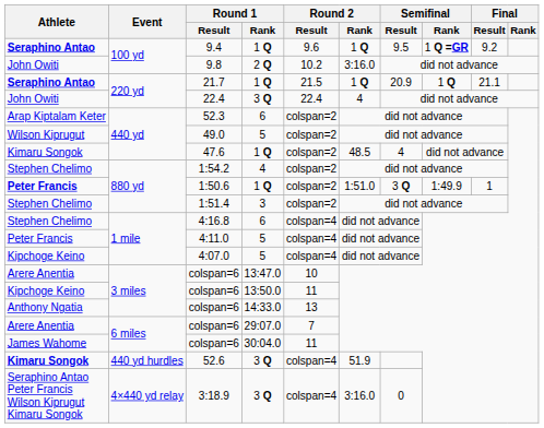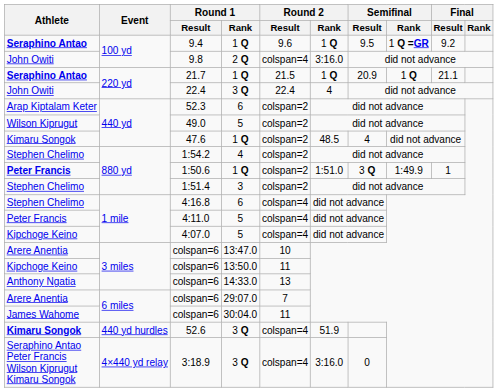 <table class=wikitable style=font-size:90%>
 <tr>
 <th rowspan=2>Athlete</th>
 <th rowspan=2>Event</th>
 <th colspan=2>Round 1</th>
 <th colspan=2>Round 2</th>
 <th colspan=2>Semifinal</th>
 <th colspan=2>Final</th>
 </tr>
 <tr style=font-size:95%>
 <th>Result</th>
 <th>Rank</th>
 <th>Result</th>
 <th>Rank</th>
 <th>Result</th>
 <th>Rank</th>
 <th>Result</th>
 <th>Rank</th>
 </tr>
 <tr align=center>
 <td align=left><strong><a href='#'>Seraphino Antao</a></strong></td>
 <td align=left rowspan=2><a href='#'>100 yd</a></td>
 <td>9.4</td>
 <td>1 <strong>Q</strong></td>
 <td>9.6</td>
 <td>1 <strong>Q</strong></td>
 <td>9.5</td>
 <td>1 <strong>Q</strong> <strong>=<a href='#'>GR</a></strong></td>
 <td>9.2</td>
 <td></td>
 </tr>
 <tr align=center>
 <td align=left><a href='#'>John Owiti</a></td>
 <td>9.8</td>
 <td>2 <strong>Q</strong></td>
-<td>10.2</td>
+<td>colspan=4 </td>
 <td>3:16.0</td>
 <td colspan=4>did not advance</td>
 </tr>
 <tr align=center>
 <td align=left><strong><a href='#'>Seraphino Antao</a></strong></td>
 <td align=left rowspan=2><a href='#'>220 yd</a></td>
 <td>21.7</td>
 <td>1 <strong>Q</strong></td>
 <td>21.5</td>
 <td>1 <strong>Q</strong></td>
 <td>20.9</td>
 <td>1 <strong>Q</strong></td>
 <td>21.1</td>
 <td></td>
 </tr>
 <tr align=center>
 <td align=left><a href='#'>John Owiti</a></td>
 <td>22.4</td>
 <td>3 <strong>Q</strong></td>
 <td>22.4</td>
 <td>4</td>
 <td colspan=4>did not advance</td>
 </tr>
 <tr align=center>
 <td align=left><a href='#'>Arap Kiptalam Keter</a></td>
 <td align=left rowspan=3><a href='#'>440 yd</a></td>
 <td>52.3</td>
 <td>6</td>
 <td>colspan=2 </td>
 <td colspan=4>did not advance</td>
 </tr>
 <tr align=center>
 <td align=left><a href='#'>Wilson Kiprugut</a></td>
 <td>49.0</td>
 <td>5</td>
 <td>colspan=2 </td>
 <td colspan=4>did not advance</td>
 </tr>
 <tr align=center>
 <td align=left><a href='#'>Kimaru Songok</a></td>
 <td>47.6</td>
 <td>1 <strong>Q</strong></td>
 <td>colspan=2 </td>
 <td>48.5</td>
 <td>4</td>
 <td colspan=2>did not advance</td>
 </tr>
 <tr align=center>
 <td align=left><a href='#'>Stephen Chelimo</a></td>
 <td align=left rowspan=3><a href='#'>880 yd</a></td>
 <td>1:54.2</td>
 <td>4</td>
 <td>colspan=2 </td>
 <td colspan=4>did not advance</td>
 </tr>
 <tr align=center>
 <td align=left><strong><a href='#'>Peter Francis</a></strong></td>
 <td>1:50.6</td>
 <td>1 <strong>Q</strong></td>
 <td>colspan=2 </td>
 <td>1:51.0</td>
 <td>3 <strong>Q</strong></td>
 <td>1:49.9</td>
 <td>1</td>
 </tr>
 <tr align=center>
 <td align=left><a href='#'>Stephen Chelimo</a></td>
 <td>1:51.4</td>
 <td>3</td>
 <td>colspan=2 </td>
 <td colspan=4>did not advance</td>
 </tr>
 <tr align=center>
 <td align=left><a href='#'>Stephen Chelimo</a></td>
 <td align=left rowspan=3><a href='#'>1 mile</a></td>
 <td>4:16.8</td>
 <td>6</td>
 <td>colspan=4 </td>
 <td colspan=2>did not advance</td>
 </tr>
 <tr align=center>
 <td align=left><a href='#'>Peter Francis</a></td>
 <td>4:11.0</td>
 <td>5</td>
 <td>colspan=4 </td>
 <td colspan=2>did not advance</td>
 </tr>
 <tr align=center>
 <td align=left><a href='#'>Kipchoge Keino</a></td>
 <td>4:07.0</td>
 <td>5</td>
 <td>colspan=4 </td>
 <td colspan=2>did not advance</td>
 </tr>
 <tr align=center>
 <td align=left><a href='#'>Arere Anentia</a></td>
 <td align=left rowspan=3><a href='#'>3 miles</a></td>
 <td>colspan=6 </td>
 <td>13:47.0</td>
 <td>10</td>
 </tr>
 <tr align=center>
 <td align=left><a href='#'>Kipchoge Keino</a></td>
 <td>colspan=6 </td>
 <td>13:50.0</td>
 <td>11</td>
 </tr>
 <tr align=center>
 <td align=left><a href='#'>Anthony Ngatia</a></td>
 <td>colspan=6 </td>
 <td>14:33.0</td>
 <td>13</td>
 </tr>
 <tr align=center>
 <td align=left><a href='#'>Arere Anentia</a></td>
 <td align=left rowspan=2><a href='#'>6 miles</a></td>
 <td>colspan=6 </td>
 <td>29:07.0</td>
 <td>7</td>
 </tr>
 <tr align=center>
 <td align=left><a href='#'>James Wahome</a></td>
 <td>colspan=6 </td>
 <td>30:04.0</td>
 <td>11</td>
 </tr>
 <tr align=center>
 <td align=left><strong><a href='#'>Kimaru Songok</a></strong></td>
 <td align=left><a href='#'>440 yd hurdles</a></td>
 <td>52.6</td>
 <td>3 <strong>Q</strong></td>
 <td>colspan=4 </td>
 <td>51.9</td>
 <td></td>
 </tr>
 <tr align=center>
 <td align=left><a href='#'>Seraphino Antao</a><br><a href='#'>Peter Francis</a><br><a href='#'>Wilson Kiprugut</a><br><a href='#'>Kimaru Songok</a></td>
 <td align=left><a href='#'>4×440 yd relay</a></td>
 <td>3:18.9</td>
 <td>3 <strong>Q</strong></td>
 <td>colspan=4 </td>
 <td>3:16.0</td>
 <td>0</td>
 </tr>
 </table>
